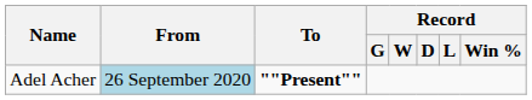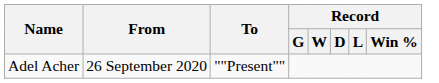 <table class="wikitable" style="text-align: center">
 <tr>
 <th rowspan="2">Name</th>
 <th rowspan="2">From</th>
 <th rowspan="2">To</th>
 <th colspan="5">Record</th>
 </tr>
 <tr>
 <th>G</th>
 <th>W</th>
 <th>D</th>
 <th>L</th>
 <th>Win %</th>
 </tr>
 <tr>
 <td align=left> Adel Acher</td>
-<td align=left style="background: lightblue;">26 September 2020</td>
-<td align=left><strong>""Present""<br></strong></td>
+<td align=left>26 September 2020</td>
+<td align=left>""Present""<br></td>
 </tr>
 </table>
